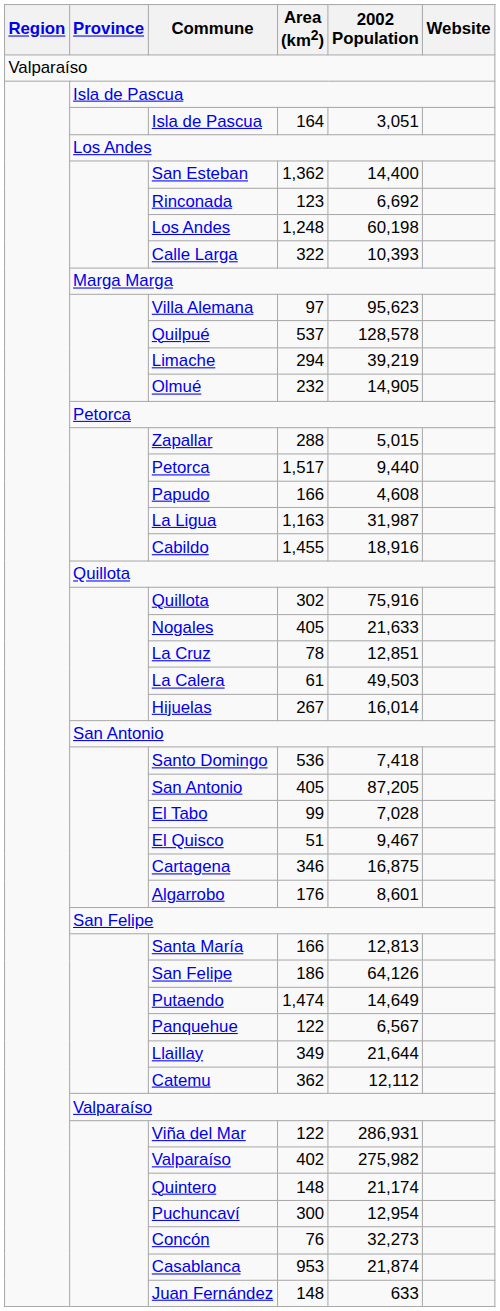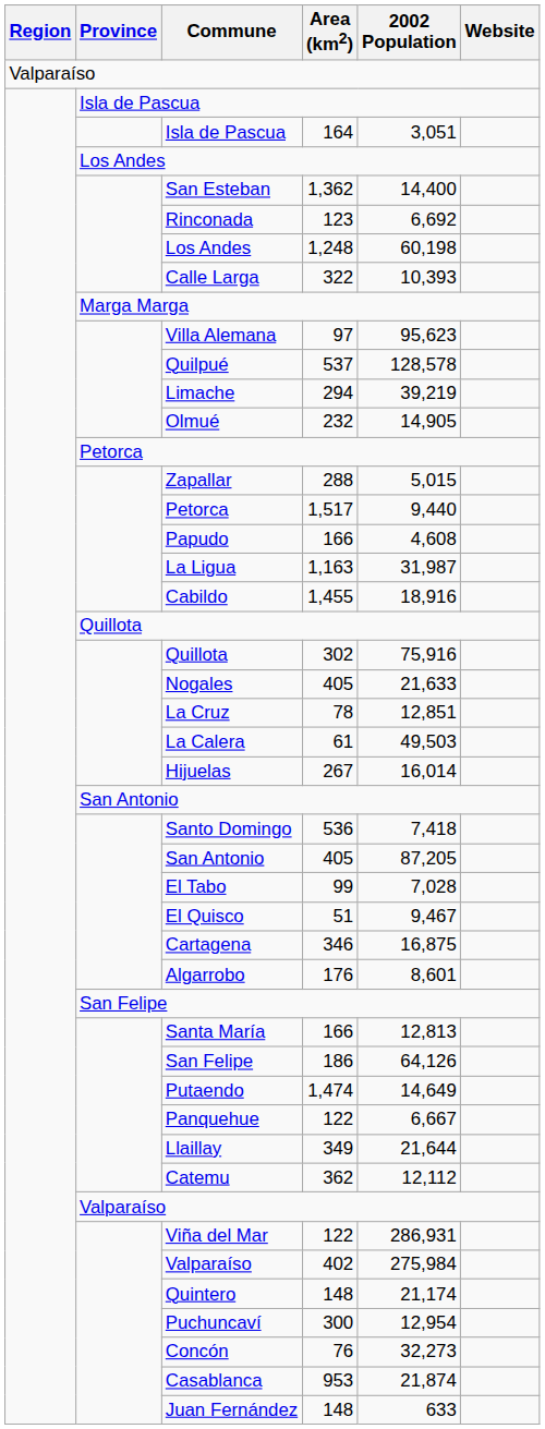 <table class="wikitable" style="text-align:left; text-valign:top;">
 <tr>
 <th scope="col"><a href='#'>Region</a></th>
 <th scope="col"><a href='#'>Province</a></th>
 <th scope="col">Commune</th>
 <th scope="col">Area<br>(km<sup>2</sup>)</th>
 <th scope="col">2002<br>Population</th>
 <th scope="col">Website</th>
 </tr>
 <tr>
 <td colspan="6" valign="top">Valparaíso</td>
 </tr>
 <tr>
 <td rowspan="46"></td>
 <td colspan="5"><a href='#'>Isla de Pascua</a></td>
 </tr>
 <tr>
 <td rowspan="1"></td>
 <td><a href='#'>Isla de Pascua</a></td>
 <td align="right">164</td>
 <td align="right">3,051</td>
 <td align="right"> </td>
 </tr>
 <tr>
 <td colspan="5" valign="top"><a href='#'>Los Andes</a></td>
 </tr>
 <tr>
 <td rowspan="4"></td>
 <td><a href='#'>San Esteban</a></td>
 <td align="right">1,362</td>
 <td align="right">14,400</td>
 <td align="right"></td>
 </tr>
 <tr>
 <td><a href='#'>Rinconada</a></td>
 <td align="right">123</td>
 <td align="right">6,692</td>
 <td align="right"></td>
 </tr>
 <tr>
 <td><a href='#'>Los Andes</a></td>
 <td align="right">1,248</td>
 <td align="right">60,198</td>
 <td align="right"></td>
 </tr>
 <tr>
 <td><a href='#'>Calle Larga</a></td>
 <td align="right">322</td>
 <td align="right">10,393</td>
 <td align="right"></td>
 </tr>
 <tr>
 <td colspan="5" valign="top"><a href='#'>Marga Marga</a></td>
 </tr>
 <tr>
 <td rowspan="4"></td>
 <td><a href='#'>Villa Alemana</a></td>
 <td align="right">97</td>
 <td align="right">95,623</td>
 <td align="right"></td>
 </tr>
 <tr>
 <td><a href='#'>Quilpué</a></td>
 <td align="right">537</td>
 <td align="right">128,578</td>
 <td align="right"></td>
 </tr>
 <tr>
 <td><a href='#'>Limache</a></td>
 <td align="right">294</td>
 <td align="right">39,219</td>
 <td align="right"></td>
 </tr>
 <tr>
 <td><a href='#'>Olmué</a></td>
 <td align="right">232</td>
 <td align="right">14,905</td>
 <td align="right"></td>
 </tr>
 <tr>
 <td colspan="5" valign="top"><a href='#'>Petorca</a></td>
 </tr>
 <tr>
 <td rowspan="5"></td>
 <td><a href='#'>Zapallar</a></td>
 <td align="right">288</td>
 <td align="right">5,015</td>
 <td align="right"></td>
 </tr>
 <tr>
 <td><a href='#'>Petorca</a></td>
 <td align="right">1,517</td>
 <td align="right">9,440</td>
 <td align="right"></td>
 </tr>
 <tr>
 <td><a href='#'>Papudo</a></td>
 <td align="right">166</td>
 <td align="right">4,608</td>
 <td align="right"></td>
 </tr>
 <tr>
 <td><a href='#'>La Ligua</a></td>
 <td align="right">1,163</td>
 <td align="right">31,987</td>
 <td align="right"></td>
 </tr>
 <tr>
 <td><a href='#'>Cabildo</a></td>
 <td align="right">1,455</td>
 <td align="right">18,916</td>
 <td align="right"></td>
 </tr>
 <tr>
 <td colspan="5" valign="top"><a href='#'>Quillota</a></td>
 </tr>
 <tr>
 <td rowspan="5"></td>
 <td><a href='#'>Quillota</a></td>
 <td align="right">302</td>
 <td align="right">75,916</td>
 <td align="right"></td>
 </tr>
 <tr>
 <td><a href='#'>Nogales</a></td>
 <td align="right">405</td>
 <td align="right">21,633</td>
 <td align="right"></td>
 </tr>
 <tr>
 <td><a href='#'>La Cruz</a></td>
 <td align="right">78</td>
 <td align="right">12,851</td>
 <td align="right"></td>
 </tr>
 <tr>
 <td><a href='#'>La Calera</a></td>
 <td align="right">61</td>
 <td align="right">49,503</td>
 <td align="right"></td>
 </tr>
 <tr>
 <td><a href='#'>Hijuelas</a></td>
 <td align="right">267</td>
 <td align="right">16,014</td>
 <td align="right"></td>
 </tr>
 <tr>
 <td colspan="5" valign="top"><a href='#'>San Antonio</a></td>
 </tr>
 <tr>
 <td rowspan="6"></td>
 <td><a href='#'>Santo Domingo</a></td>
 <td align="right">536</td>
 <td align="right">7,418</td>
 <td align="right"></td>
 </tr>
 <tr>
 <td><a href='#'>San Antonio</a></td>
 <td align="right">405</td>
 <td align="right">87,205</td>
 <td align="right"></td>
 </tr>
 <tr>
 <td><a href='#'>El Tabo</a></td>
 <td align="right">99</td>
 <td align="right">7,028</td>
 <td align="right"></td>
 </tr>
 <tr>
 <td><a href='#'>El Quisco</a></td>
 <td align="right">51</td>
 <td align="right">9,467</td>
 <td align="right"></td>
 </tr>
 <tr>
 <td><a href='#'>Cartagena</a></td>
 <td align="right">346</td>
 <td align="right">16,875</td>
 <td align="right"></td>
 </tr>
 <tr>
 <td><a href='#'>Algarrobo</a></td>
 <td align="right">176</td>
 <td align="right">8,601</td>
 <td align="right"></td>
 </tr>
 <tr>
 <td colspan="5" valign="top"><a href='#'>San Felipe</a></td>
 </tr>
 <tr>
 <td rowspan="6"></td>
 <td><a href='#'>Santa María</a></td>
 <td align="right">166</td>
 <td align="right">12,813</td>
 <td align="right"></td>
 </tr>
 <tr>
 <td><a href='#'>San Felipe</a></td>
 <td align="right">186</td>
 <td align="right">64,126</td>
 <td align="right"></td>
 </tr>
 <tr>
 <td><a href='#'>Putaendo</a></td>
 <td align="right">1,474</td>
 <td align="right">14,649</td>
 <td align="right"></td>
 </tr>
 <tr>
 <td><a href='#'>Panquehue</a></td>
 <td align="right">122</td>
-<td align="right">6,567</td>
+<td align="right">6,667</td>
 <td align="right"></td>
 </tr>
 <tr>
 <td><a href='#'>Llaillay</a></td>
 <td align="right">349</td>
 <td align="right">21,644</td>
 <td align="right"></td>
 </tr>
 <tr>
 <td><a href='#'>Catemu</a></td>
 <td align="right">362</td>
 <td align="right">12,112</td>
 <td align="right"></td>
 </tr>
 <tr>
 <td colspan="5" valign="top"><a href='#'>Valparaíso</a></td>
 </tr>
 <tr>
 <td rowspan="7"></td>
 <td><a href='#'>Viña del Mar</a></td>
 <td align="right">122</td>
 <td align="right">286,931</td>
 <td align="right"></td>
 </tr>
 <tr>
 <td><a href='#'>Valparaíso</a></td>
 <td align="right">402</td>
-<td align="right">275,982</td>
+<td align="right">275,984</td>
 <td align="right"></td>
 </tr>
 <tr>
 <td><a href='#'>Quintero</a></td>
 <td align="right">148</td>
 <td align="right">21,174</td>
 <td align="right"></td>
 </tr>
 <tr>
 <td><a href='#'>Puchuncaví</a></td>
 <td align="right">300</td>
 <td align="right">12,954</td>
 <td align="right"></td>
 </tr>
 <tr>
 <td><a href='#'>Concón</a></td>
 <td align="right">76</td>
 <td align="right">32,273</td>
 <td align="right"></td>
 </tr>
 <tr>
 <td><a href='#'>Casablanca</a></td>
 <td align="right">953</td>
 <td align="right">21,874</td>
 <td align="right"></td>
 </tr>
 <tr>
 <td><a href='#'>Juan Fernández</a></td>
 <td align="right">148</td>
 <td align="right">633</td>
 <td align="right"> </td>
 </tr>
 </table>
